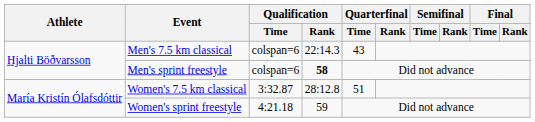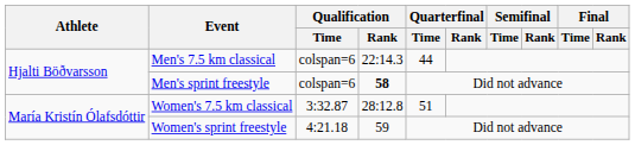 <table class="wikitable" style="font-size:90%">
 <tr>
 <th rowspan="2">Athlete</th>
 <th rowspan="2">Event</th>
 <th colspan="2">Qualification</th>
 <th colspan="2">Quarterfinal</th>
 <th colspan="2">Semifinal</th>
 <th colspan="2">Final</th>
 </tr>
 <tr style="font-size:95%">
 <th>Time</th>
 <th>Rank</th>
 <th>Time</th>
 <th>Rank</th>
 <th>Time</th>
 <th>Rank</th>
 <th>Time</th>
 <th>Rank</th>
 </tr>
 <tr align=center>
 <td align=left rowspan=2><a href='#'>Hjalti Böðvarsson</a></td>
 <td align=left><a href='#'>Men's 7.5 km classical</a></td>
 <td>colspan=6</td>
 <td>22:14.3</td>
-<td>43</td>
+<td>44</td>
 </tr>
 <tr align=center>
 <td align=left><a href='#'>Men's sprint freestyle</a></td>
 <td>colspan=6</td>
 <td><strong>58</strong></td>
 <td colspan=6>Did not advance</td>
 </tr>
 <tr align=center>
 <td align=left rowspan=2><a href='#'>María Kristín Ólafsdóttir</a></td>
 <td align=left><a href='#'>Women's 7.5 km classical</a></td>
 <td>3:32.87</td>
 <td>28:12.8</td>
 <td>51</td>
 </tr>
 <tr align=center>
 <td align=left><a href='#'>Women's sprint freestyle</a></td>
 <td>4:21.18</td>
 <td>59</td>
 <td colspan=6>Did not advance</td>
 </tr>
 </table>
